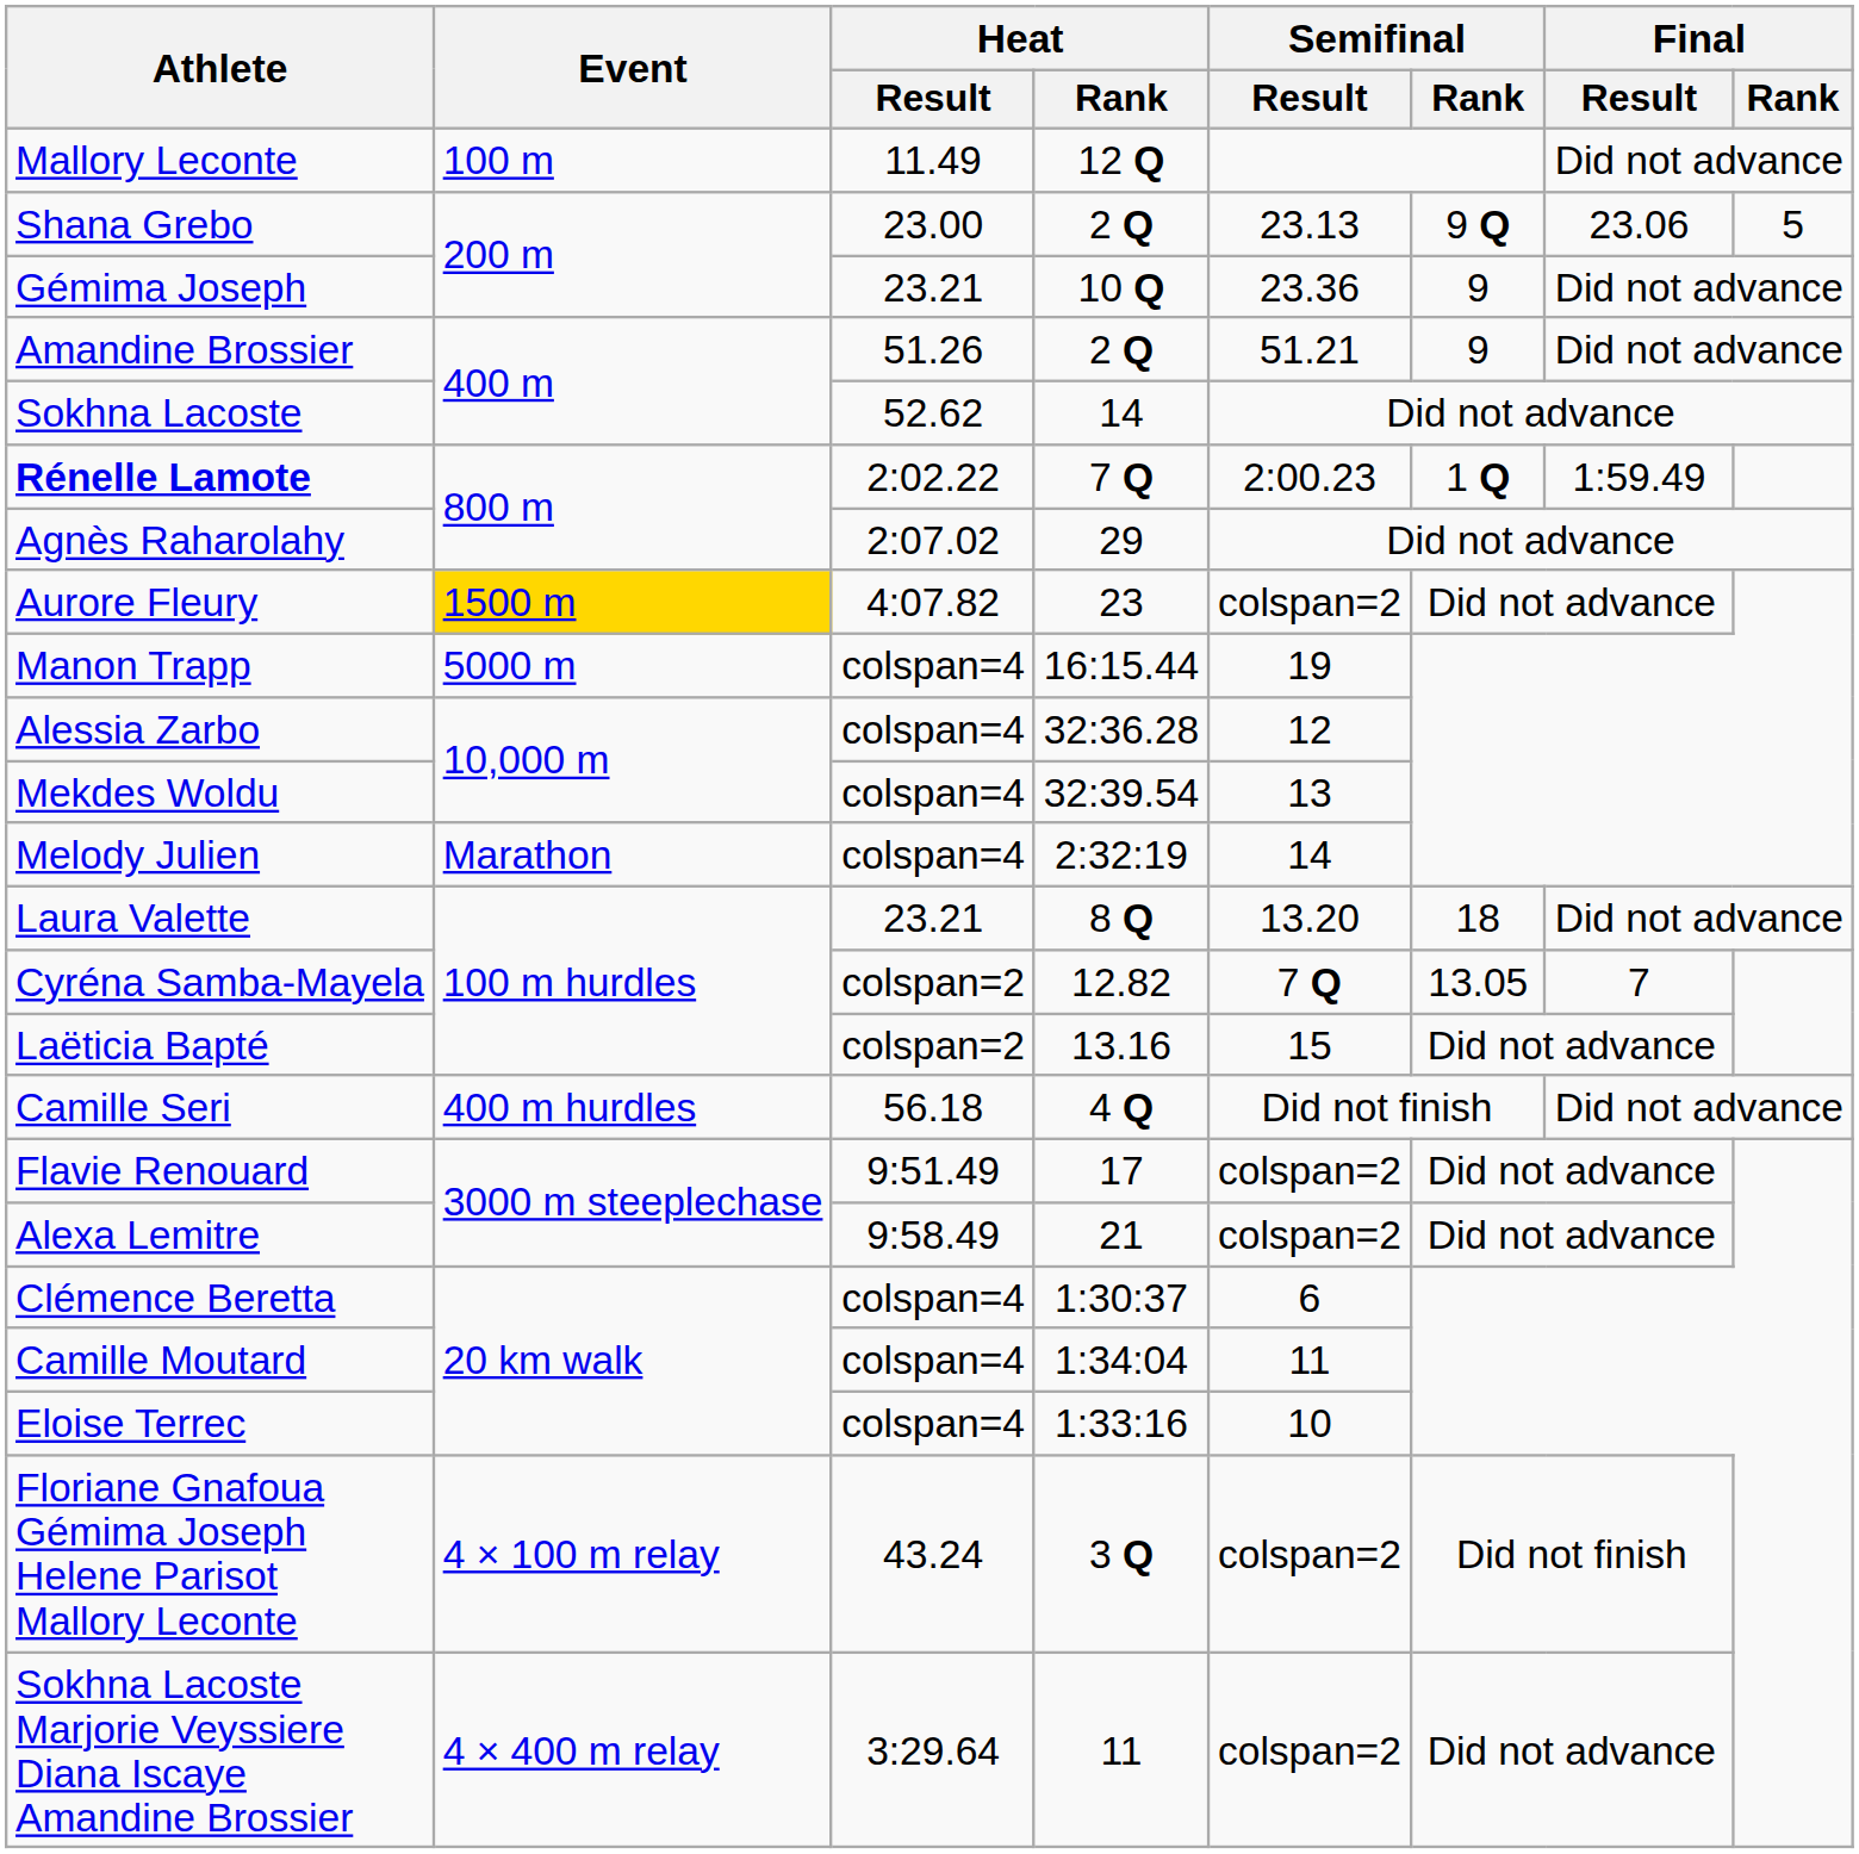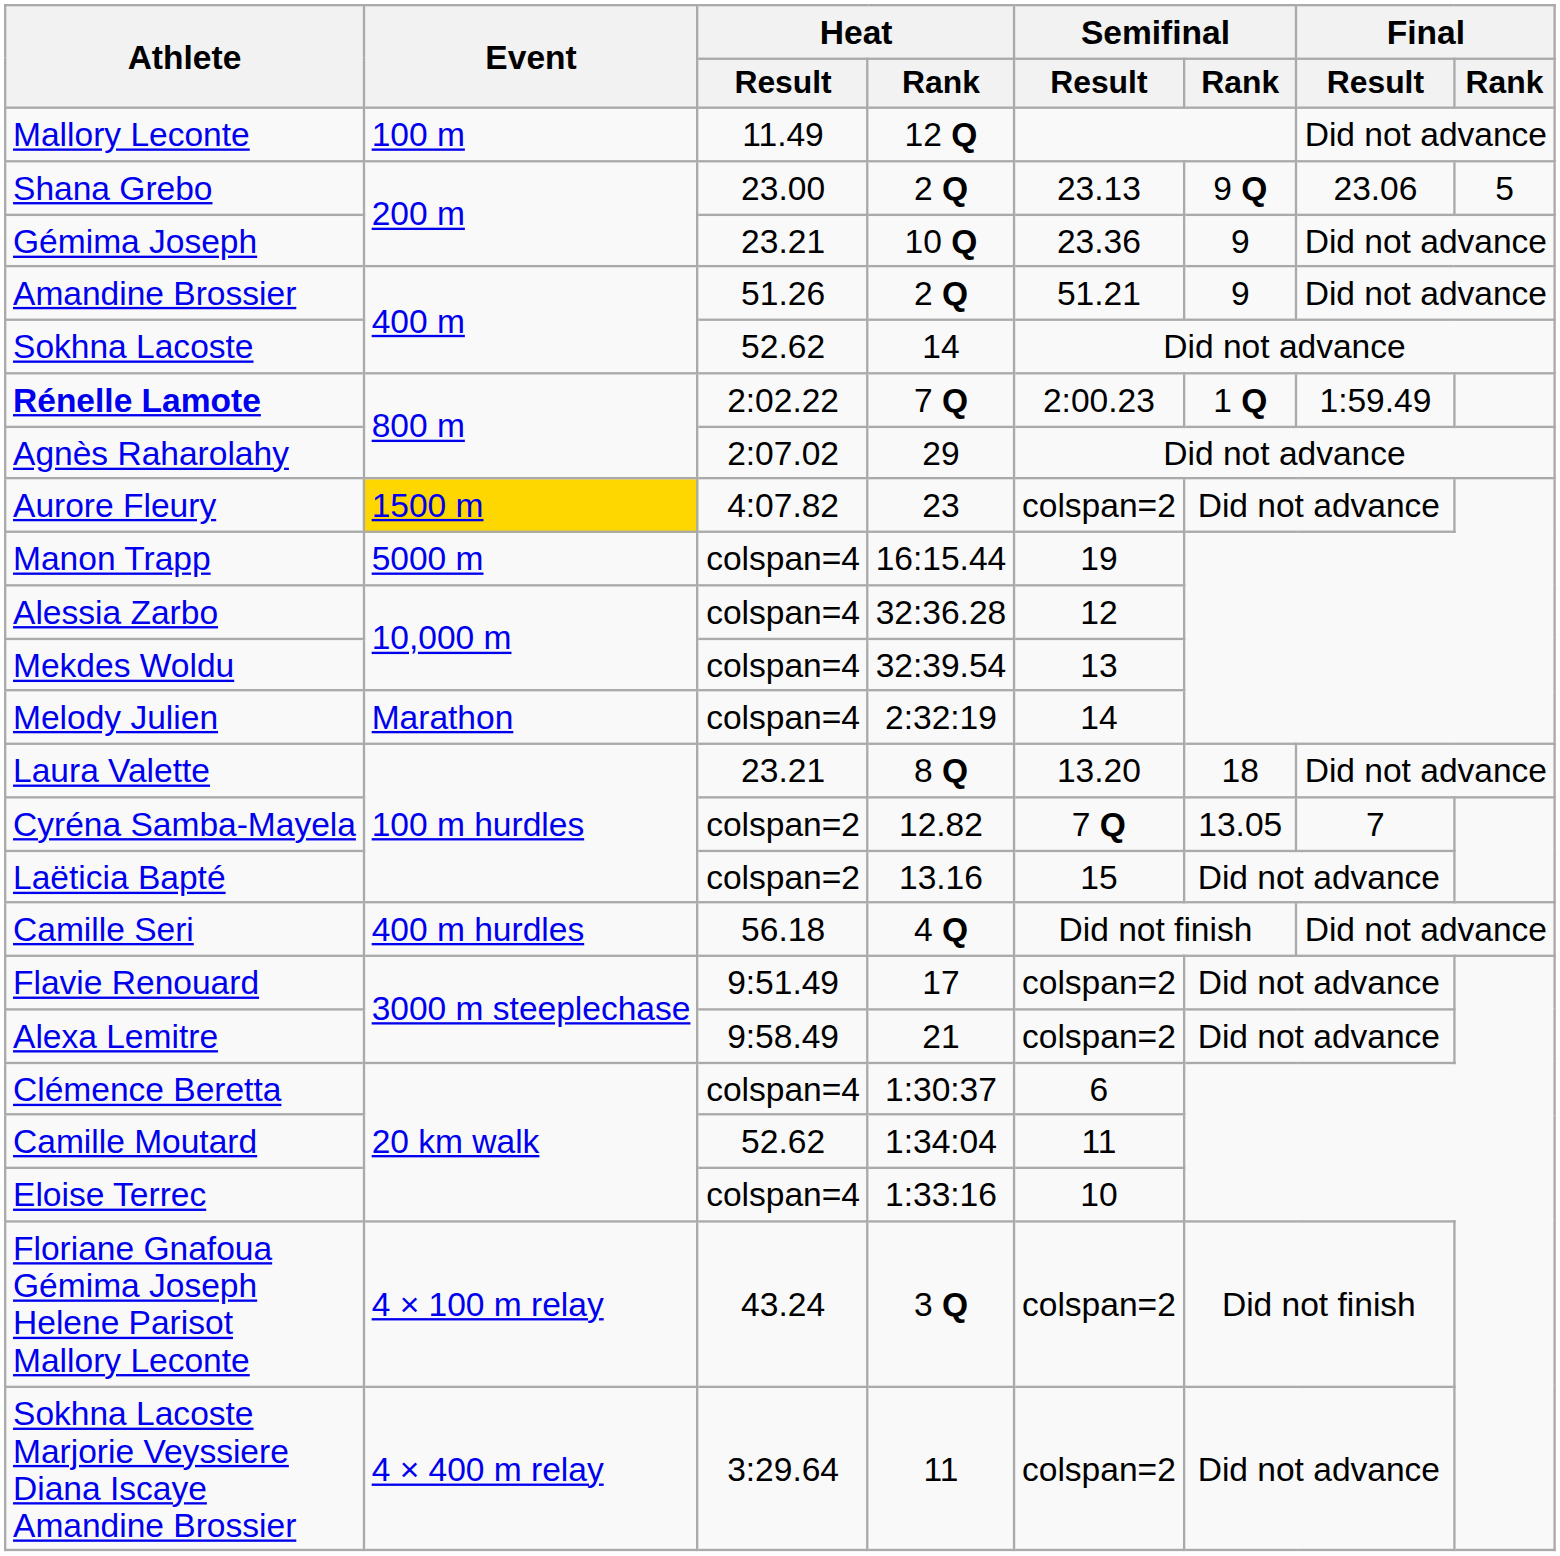 <table class="wikitable" style="font-size:90%">
 <tr>
 <th rowspan="2">Athlete</th>
 <th rowspan="2">Event</th>
 <th colspan="2">Heat</th>
 <th colspan="2">Semifinal</th>
 <th colspan="2">Final</th>
 </tr>
 <tr style="font-size:95%">
 <th>Result</th>
 <th>Rank</th>
 <th>Result</th>
 <th>Rank</th>
 <th>Result</th>
 <th>Rank</th>
 </tr>
 <tr align=center>
 <td align=left><a href='#'>Mallory Leconte</a></td>
 <td align=left><a href='#'>100 m</a></td>
 <td>11.49</td>
 <td>12 <strong>Q</strong></td>
 <td colspan=2></td>
 <td colspan=2>Did not advance</td>
 </tr>
 <tr align=center>
 <td align=left><a href='#'>Shana Grebo</a></td>
 <td align=left rowspan=2><a href='#'>200 m</a></td>
 <td>23.00</td>
 <td>2 <strong>Q</strong></td>
 <td>23.13</td>
 <td>9 <strong>Q</strong></td>
 <td>23.06</td>
 <td>5</td>
 </tr>
 <tr align=center>
 <td align=left><a href='#'>Gémima Joseph</a></td>
 <td>23.21</td>
 <td>10 <strong>Q</strong></td>
 <td>23.36</td>
 <td>9</td>
 <td colspan=2>Did not advance</td>
 </tr>
 <tr align=center>
 <td align=left><a href='#'>Amandine Brossier</a></td>
 <td align=left rowspan=2><a href='#'>400 m</a></td>
 <td>51.26 </td>
 <td>2 <strong>Q</strong></td>
 <td>51.21 </td>
 <td>9</td>
 <td colspan=2>Did not advance</td>
 </tr>
 <tr align=center>
 <td align=left><a href='#'>Sokhna Lacoste</a></td>
 <td>52.62</td>
 <td>14</td>
 <td colspan=4>Did not advance</td>
 </tr>
 <tr align=center>
 <td align=left><strong><a href='#'>Rénelle Lamote</a></strong></td>
 <td align=left rowspan=2><a href='#'>800 m</a></td>
 <td>2:02.22</td>
 <td>7 <strong>Q</strong></td>
 <td>2:00.23</td>
 <td>1 <strong>Q</strong></td>
 <td>1:59.49</td>
 <td></td>
 </tr>
 <tr align=center>
 <td align=left><a href='#'>Agnès Raharolahy</a></td>
 <td>2:07.02</td>
 <td>29</td>
 <td colspan=4>Did not advance</td>
 </tr>
 <tr align=center>
 <td align=left><a href='#'>Aurore Fleury</a></td>
 <td align=left style="background: gold;"><a href='#'>1500 m</a></td>
 <td>4:07.82</td>
 <td>23</td>
 <td>colspan=2 </td>
 <td colspan=2>Did not advance</td>
 </tr>
 <tr align=center>
 <td align=left><a href='#'>Manon Trapp</a></td>
 <td align=left><a href='#'>5000 m</a></td>
 <td>colspan=4 </td>
 <td>16:15.44</td>
 <td>19</td>
 </tr>
 <tr align=center>
 <td align=left><a href='#'>Alessia Zarbo</a></td>
 <td align=left rowspan=2><a href='#'>10,000 m</a></td>
 <td>colspan=4 </td>
 <td>32:36.28</td>
 <td>12</td>
 </tr>
 <tr align=center>
 <td align=left><a href='#'>Mekdes Woldu</a></td>
 <td>colspan=4 </td>
 <td>32:39.54</td>
 <td>13</td>
 </tr>
 <tr align=center>
 <td align=left><a href='#'>Melody Julien</a></td>
 <td align=left><a href='#'>Marathon</a></td>
 <td>colspan=4 </td>
 <td>2:32:19</td>
 <td>14</td>
 </tr>
 <tr align=center>
 <td align=left><a href='#'>Laura Valette</a></td>
 <td align=left rowspan=3><a href='#'>100 m hurdles</a></td>
 <td>23.21</td>
 <td>8 <strong>Q</strong></td>
 <td>13.20</td>
 <td>18</td>
 <td colspan=2>Did not advance</td>
 </tr>
 <tr align=center>
 <td align=left><a href='#'>Cyréna Samba-Mayela</a></td>
 <td>colspan=2 </td>
 <td>12.82</td>
 <td>7 <strong>Q</strong></td>
 <td>13.05</td>
 <td>7</td>
 </tr>
 <tr align=center>
 <td align=left><a href='#'>Laëticia Bapté</a></td>
 <td>colspan=2 </td>
 <td>13.16</td>
 <td>15</td>
 <td colspan=2>Did not advance</td>
 </tr>
 <tr align=center>
 <td align=left><a href='#'>Camille Seri</a></td>
 <td align=left><a href='#'>400 m hurdles</a></td>
 <td>56.18 </td>
 <td>4 <strong>Q</strong></td>
 <td colspan=2>Did not finish</td>
 <td colspan=2>Did not advance</td>
 </tr>
 <tr align=center>
 <td align=left><a href='#'>Flavie Renouard</a></td>
 <td align=left rowspan=2><a href='#'>3000 m steeplechase</a></td>
 <td>9:51.49</td>
 <td>17</td>
 <td>colspan=2 </td>
 <td colspan=2>Did not advance</td>
 </tr>
 <tr align=center>
 <td align=left><a href='#'>Alexa Lemitre</a></td>
 <td>9:58.49</td>
 <td>21</td>
 <td>colspan=2 </td>
 <td colspan=2>Did not advance</td>
 </tr>
 <tr align=center>
 <td align=left><a href='#'>Clémence Beretta</a></td>
 <td align=left rowspan=3><a href='#'>20 km walk</a></td>
 <td>colspan=4 </td>
 <td>1:30:37 </td>
 <td>6</td>
 </tr>
 <tr align=center>
 <td align=left><a href='#'>Camille Moutard</a></td>
-<td>colspan=4 </td>
+<td>52.62</td>
 <td>1:34:04</td>
 <td>11</td>
 </tr>
 <tr align=center>
 <td align=left><a href='#'>Eloise Terrec</a></td>
 <td>colspan=4 </td>
 <td>1:33:16</td>
 <td>10</td>
 </tr>
 <tr align=center>
 <td align=left><a href='#'>Floriane Gnafoua</a><br> <a href='#'>Gémima Joseph</a><br> <a href='#'>Helene Parisot</a><br> <a href='#'>Mallory Leconte</a></td>
 <td align=left><a href='#'>4 × 100 m relay</a></td>
 <td>43.24 </td>
 <td>3 <strong>Q</strong></td>
 <td>colspan=2 </td>
 <td colspan=2>Did not finish</td>
 </tr>
 <tr align=center>
 <td align=left><a href='#'>Sokhna Lacoste</a><br> <a href='#'>Marjorie Veyssiere</a><br> <a href='#'>Diana Iscaye</a><br> <a href='#'>Amandine Brossier</a></td>
 <td align=left><a href='#'>4 × 400 m relay</a></td>
 <td>3:29.64</td>
 <td>11</td>
 <td>colspan=2 </td>
 <td colspan=2>Did not advance</td>
 </tr>
 </table>
